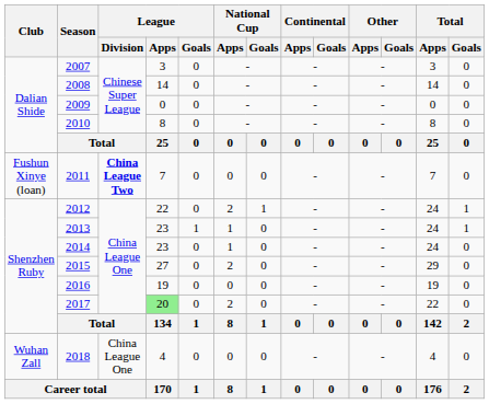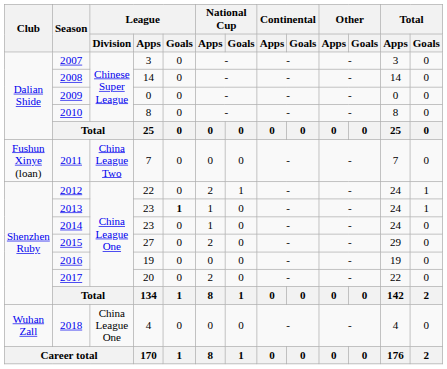 <table class="wikitable" style="text-align: center">
 <tr>
 <th rowspan="2">Club</th>
 <th rowspan="2">Season</th>
 <th colspan="3">League</th>
 <th colspan="2">National Cup</th>
 <th colspan="2">Continental</th>
 <th colspan="2">Other</th>
 <th colspan="2">Total</th>
 </tr>
 <tr>
 <th>Division</th>
 <th>Apps</th>
 <th>Goals</th>
 <th>Apps</th>
 <th>Goals</th>
 <th>Apps</th>
 <th>Goals</th>
 <th>Apps</th>
 <th>Goals</th>
 <th>Apps</th>
 <th>Goals</th>
 </tr>
 <tr>
 <td rowspan=5><a href='#'>Dalian Shide</a></td>
 <td><a href='#'>2007</a></td>
 <td rowspan="4"><a href='#'>Chinese Super League</a></td>
 <td>3</td>
 <td>0</td>
 <td colspan="2">-</td>
 <td colspan="2">-</td>
 <td colspan="2">-</td>
 <td>3</td>
 <td>0</td>
 </tr>
 <tr>
 <td><a href='#'>2008</a></td>
 <td>14</td>
 <td>0</td>
 <td colspan="2">-</td>
 <td colspan="2">-</td>
 <td colspan="2">-</td>
 <td>14</td>
 <td>0</td>
 </tr>
 <tr>
 <td><a href='#'>2009</a></td>
 <td>0</td>
 <td>0</td>
 <td colspan="2">-</td>
 <td colspan="2">-</td>
 <td colspan="2">-</td>
 <td>0</td>
 <td>0</td>
 </tr>
 <tr>
 <td><a href='#'>2010</a></td>
 <td>8</td>
 <td>0</td>
 <td colspan="2">-</td>
 <td colspan="2">-</td>
 <td colspan="2">-</td>
 <td>8</td>
 <td>0</td>
 </tr>
 <tr>
 <th colspan="2"><strong>Total</strong></th>
 <th>25</th>
 <th>0</th>
 <th>0</th>
 <th>0</th>
 <th>0</th>
 <th>0</th>
 <th>0</th>
 <th>0</th>
 <th>25</th>
 <th>0</th>
 </tr>
 <tr>
 <td><a href='#'>Fushun Xinye</a> (loan)</td>
 <td><a href='#'>2011</a></td>
-<td><strong><a href='#'>China League Two</a></strong></td>
+<td><a href='#'>China League Two</a></td>
 <td>7</td>
 <td>0</td>
 <td>0</td>
 <td>0</td>
 <td colspan="2">-</td>
 <td colspan="2">-</td>
 <td>7</td>
 <td>0</td>
 </tr>
 <tr>
 <td rowspan=7><a href='#'>Shenzhen Ruby</a></td>
 <td><a href='#'>2012</a></td>
 <td rowspan=6><a href='#'>China League One</a></td>
 <td>22</td>
 <td>0</td>
 <td>2</td>
 <td>1</td>
 <td colspan="2">-</td>
 <td colspan="2">-</td>
 <td>24</td>
 <td>1</td>
 </tr>
 <tr>
 <td><a href='#'>2013</a></td>
 <td>23</td>
-<td>1</td>
+<td><strong>1</strong></td>
 <td>1</td>
 <td>0</td>
 <td colspan="2">-</td>
 <td colspan="2">-</td>
 <td>24</td>
 <td>1</td>
 </tr>
 <tr>
 <td><a href='#'>2014</a></td>
 <td>23</td>
 <td>0</td>
 <td>1</td>
 <td>0</td>
 <td colspan="2">-</td>
 <td colspan="2">-</td>
 <td>24</td>
 <td>0</td>
 </tr>
 <tr>
 <td><a href='#'>2015</a></td>
 <td>27</td>
 <td>0</td>
 <td>2</td>
 <td>0</td>
 <td colspan="2">-</td>
 <td colspan="2">-</td>
 <td>29</td>
 <td>0</td>
 </tr>
 <tr>
 <td><a href='#'>2016</a></td>
 <td>19</td>
 <td>0</td>
 <td>0</td>
 <td>0</td>
 <td colspan="2">-</td>
 <td colspan="2">-</td>
 <td>19</td>
 <td>0</td>
 </tr>
 <tr>
 <td><a href='#'>2017</a></td>
-<td style="background: lightgreen;">20</td>
+<td>20</td>
 <td>0</td>
 <td>2</td>
 <td>0</td>
 <td colspan="2">-</td>
 <td colspan="2">-</td>
 <td>22</td>
 <td>0</td>
 </tr>
 <tr>
 <th colspan="2"><strong>Total</strong></th>
 <th>134</th>
 <th>1</th>
 <th>8</th>
 <th>1</th>
 <th>0</th>
 <th>0</th>
 <th>0</th>
 <th>0</th>
 <th>142</th>
 <th>2</th>
 </tr>
 <tr>
 <td rowspan="1"><a href='#'>Wuhan Zall</a></td>
 <td><a href='#'>2018</a></td>
 <td>China League One</td>
 <td>4</td>
 <td>0</td>
 <td>0</td>
 <td>0</td>
 <td colspan="2">-</td>
 <td colspan="2">-</td>
 <td>4</td>
 <td>0</td>
 </tr>
 <tr>
 <th colspan="3">Career total</th>
 <th>170</th>
 <th>1</th>
 <th>8</th>
 <th>1</th>
 <th>0</th>
 <th>0</th>
 <th>0</th>
 <th>0</th>
 <th>176</th>
 <th>2</th>
 </tr>
 </table>
